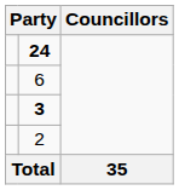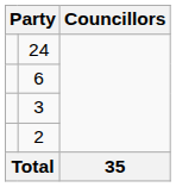 <table class="wikitable">
 <tr>
 <th colspan=2>Party</th>
 <th>Councillors</th>
 </tr>
 <tr>
 <td></td>
-<td align=center><strong>24</strong></td>
+<td align=center>24</td>
 </tr>
 <tr>
 <td></td>
 <td align=center>6</td>
 </tr>
 <tr>
 <td></td>
-<td align=center><strong>3</strong></td>
+<td align=center>3</td>
 </tr>
 <tr>
 <td></td>
 <td align=center>2</td>
 </tr>
 <tr>
 <th colspan=2>Total</th>
 <th>35</th>
 </tr>
 </table>
